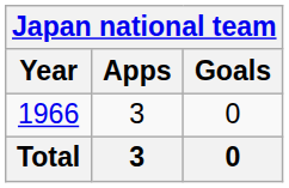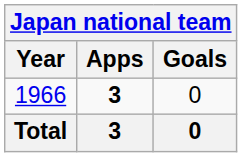 <table class="wikitable" style="text-align:center">
 <tr>
 <th colspan=3><a href='#'>Japan national team</a></th>
 </tr>
 <tr>
 <th>Year</th>
 <th>Apps</th>
 <th>Goals</th>
 </tr>
 <tr>
 <td><a href='#'>1966</a></td>
-<td>3</td>
+<td><strong>3</strong></td>
 <td>0</td>
 </tr>
 <tr>
 <th>Total</th>
 <th>3</th>
 <th>0</th>
 </tr>
 </table>
